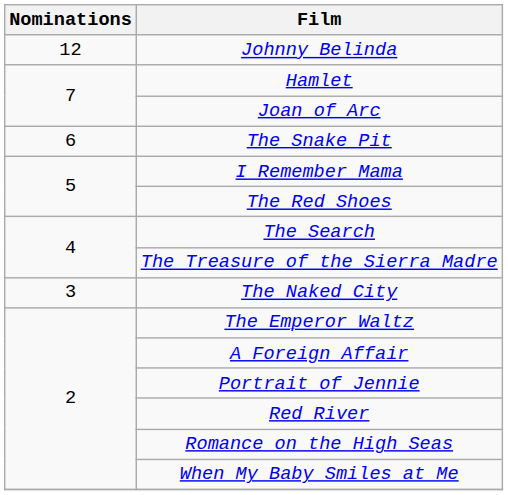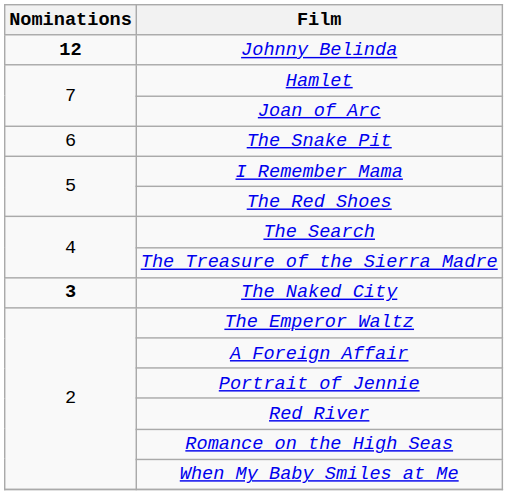 <table class="wikitable" rowspan="2" style="text-align:center;">
 <tr>
 <th scope="col" style="width:55px;">Nominations</th>
 <th scope="col" style="text-align:center;">Film</th>
 </tr>
 <tr>
-<td rowspan="1" style="text-align:center">12</td>
+<td rowspan="1" style="text-align:center"><strong>12</strong></td>
 <td><em><a href='#'>Johnny Belinda</a></em></td>
 </tr>
 <tr>
 <td rowspan="2" style="text-align:center">7</td>
 <td><em><a href='#'>Hamlet</a></em></td>
 </tr>
 <tr>
 <td><em><a href='#'>Joan of Arc</a></em></td>
 </tr>
 <tr>
 <td rowspan="1" style="text-align:center">6</td>
 <td><em><a href='#'>The Snake Pit</a></em></td>
 </tr>
 <tr>
 <td rowspan="2" style="text-align:center">5</td>
 <td><em><a href='#'>I Remember Mama</a></em></td>
 </tr>
 <tr>
 <td><em><a href='#'>The Red Shoes</a></em></td>
 </tr>
 <tr>
 <td rowspan="2" style="text-align:center">4</td>
 <td><em><a href='#'>The Search</a></em></td>
 </tr>
 <tr>
 <td><em><a href='#'>The Treasure of the Sierra Madre</a></em></td>
 </tr>
 <tr>
-<td rowspan="1" style="text-align:center">3</td>
+<td rowspan="1" style="text-align:center"><strong>3</strong></td>
 <td><em><a href='#'>The Naked City</a></em></td>
 </tr>
 <tr>
 <td rowspan="6" style="text-align:center">2</td>
 <td><em><a href='#'>The Emperor Waltz</a></em></td>
 </tr>
 <tr>
 <td><em><a href='#'>A Foreign Affair</a></em></td>
 </tr>
 <tr>
 <td><em><a href='#'>Portrait of Jennie</a></em></td>
 </tr>
 <tr>
 <td><em><a href='#'>Red River</a></em></td>
 </tr>
 <tr>
 <td><em><a href='#'>Romance on the High Seas</a></em></td>
 </tr>
 <tr>
 <td><em><a href='#'>When My Baby Smiles at Me</a></em></td>
 </tr>
 <tr>
 </tr>
 </table>
